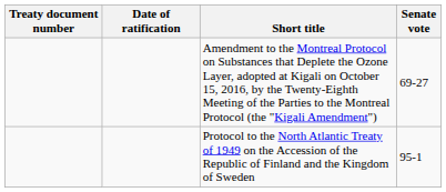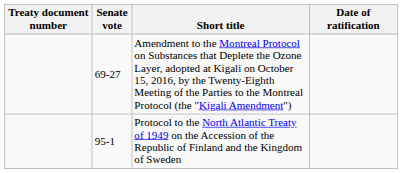 <table class=wikitable>
 <tr valign=bottom>
 <th style="width: 120px">Treaty document number</th>
+<th style="width: 50px">Senate vote</th>
+<th style="width: 250px; valign: bottom">Short title</th>
 <th style="width: 120px">Date of ratification</th>
-<th style="width: 250px; valign: bottom">Short title</th>
-<th style="width: 50px">Senate vote</th>
 </tr>
 <tr>
 <td></td>
+<td>69-27</td>
+<td>Amendment to the <a href='#'>Montreal Protocol</a> on Substances that Deplete the Ozone Layer, adopted at Kigali on October 15, 2016, by the Twenty-Eighth Meeting of the Parties to the Montreal Protocol (the "<a href='#'>Kigali Amendment</a>")</td>
 <td></td>
-<td>Amendment to the <a href='#'>Montreal Protocol</a> on Substances that Deplete the Ozone Layer, adopted at Kigali on October 15, 2016, by the Twenty-Eighth Meeting of the Parties to the Montreal Protocol (the "<a href='#'>Kigali Amendment</a>")</td>
-<td>69-27</td>
 </tr>
 <tr>
 <td></td>
+<td>95-1</td>
+<td>Protocol to the <a href='#'>North Atlantic Treaty of 1949</a> on the Accession of the Republic of Finland and the Kingdom of Sweden</td>
 <td></td>
-<td>Protocol to the <a href='#'>North Atlantic Treaty of 1949</a> on the Accession of the Republic of Finland and the Kingdom of Sweden</td>
-<td>95-1</td>
 </tr>
 </table>
